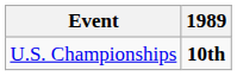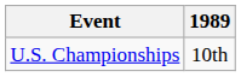 <table class="wikitable" style="text-align:center">
 <tr>
 <th>Event</th>
 <th>1989</th>
 </tr>
 <tr>
 <td align=left><a href='#'>U.S. Championships</a></td>
-<td><strong>10th</strong></td>
+<td>10th</td>
 </tr>
 </table>
